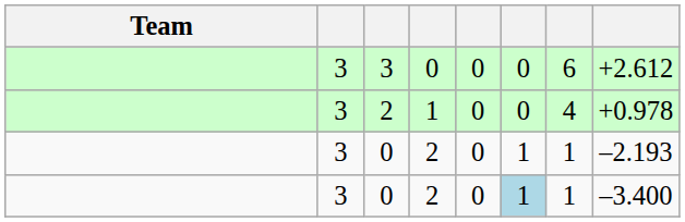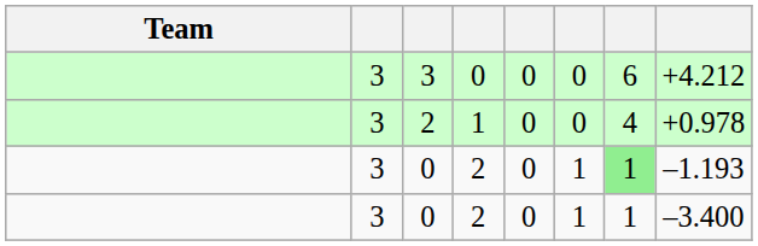 <table class="wikitable" style="text-align:center">
 <tr>
 <th width=180>Team</th>
 <th width=20></th>
 <th width=20></th>
 <th width=20></th>
 <th width=20></th>
 <th width=20></th>
 <th width=20></th>
 <th width=45></th>
 </tr>
 <tr style="background:#cfc">
 <td align="left"></td>
 <td>3</td>
 <td>3</td>
 <td>0</td>
 <td>0</td>
 <td>0</td>
 <td>6</td>
-<td>+2.612</td>
+<td>+4.212</td>
 </tr>
 <tr style="background:#cfc">
 <td align="left"></td>
 <td>3</td>
 <td>2</td>
 <td>1</td>
 <td>0</td>
 <td>0</td>
 <td>4</td>
 <td>+0.978</td>
 </tr>
 <tr>
 <td align="left"></td>
 <td>3</td>
 <td>0</td>
 <td>2</td>
 <td>0</td>
 <td>1</td>
-<td>1</td>
-<td>–2.193</td>
+<td style="background: lightgreen;">1</td>
+<td>–1.193</td>
 </tr>
 <tr>
 <td align="left"></td>
 <td>3</td>
 <td>0</td>
 <td>2</td>
 <td>0</td>
-<td style="background: lightblue;">1</td>
+<td>1</td>
 <td>1</td>
 <td>–3.400</td>
 </tr>
 </table>
